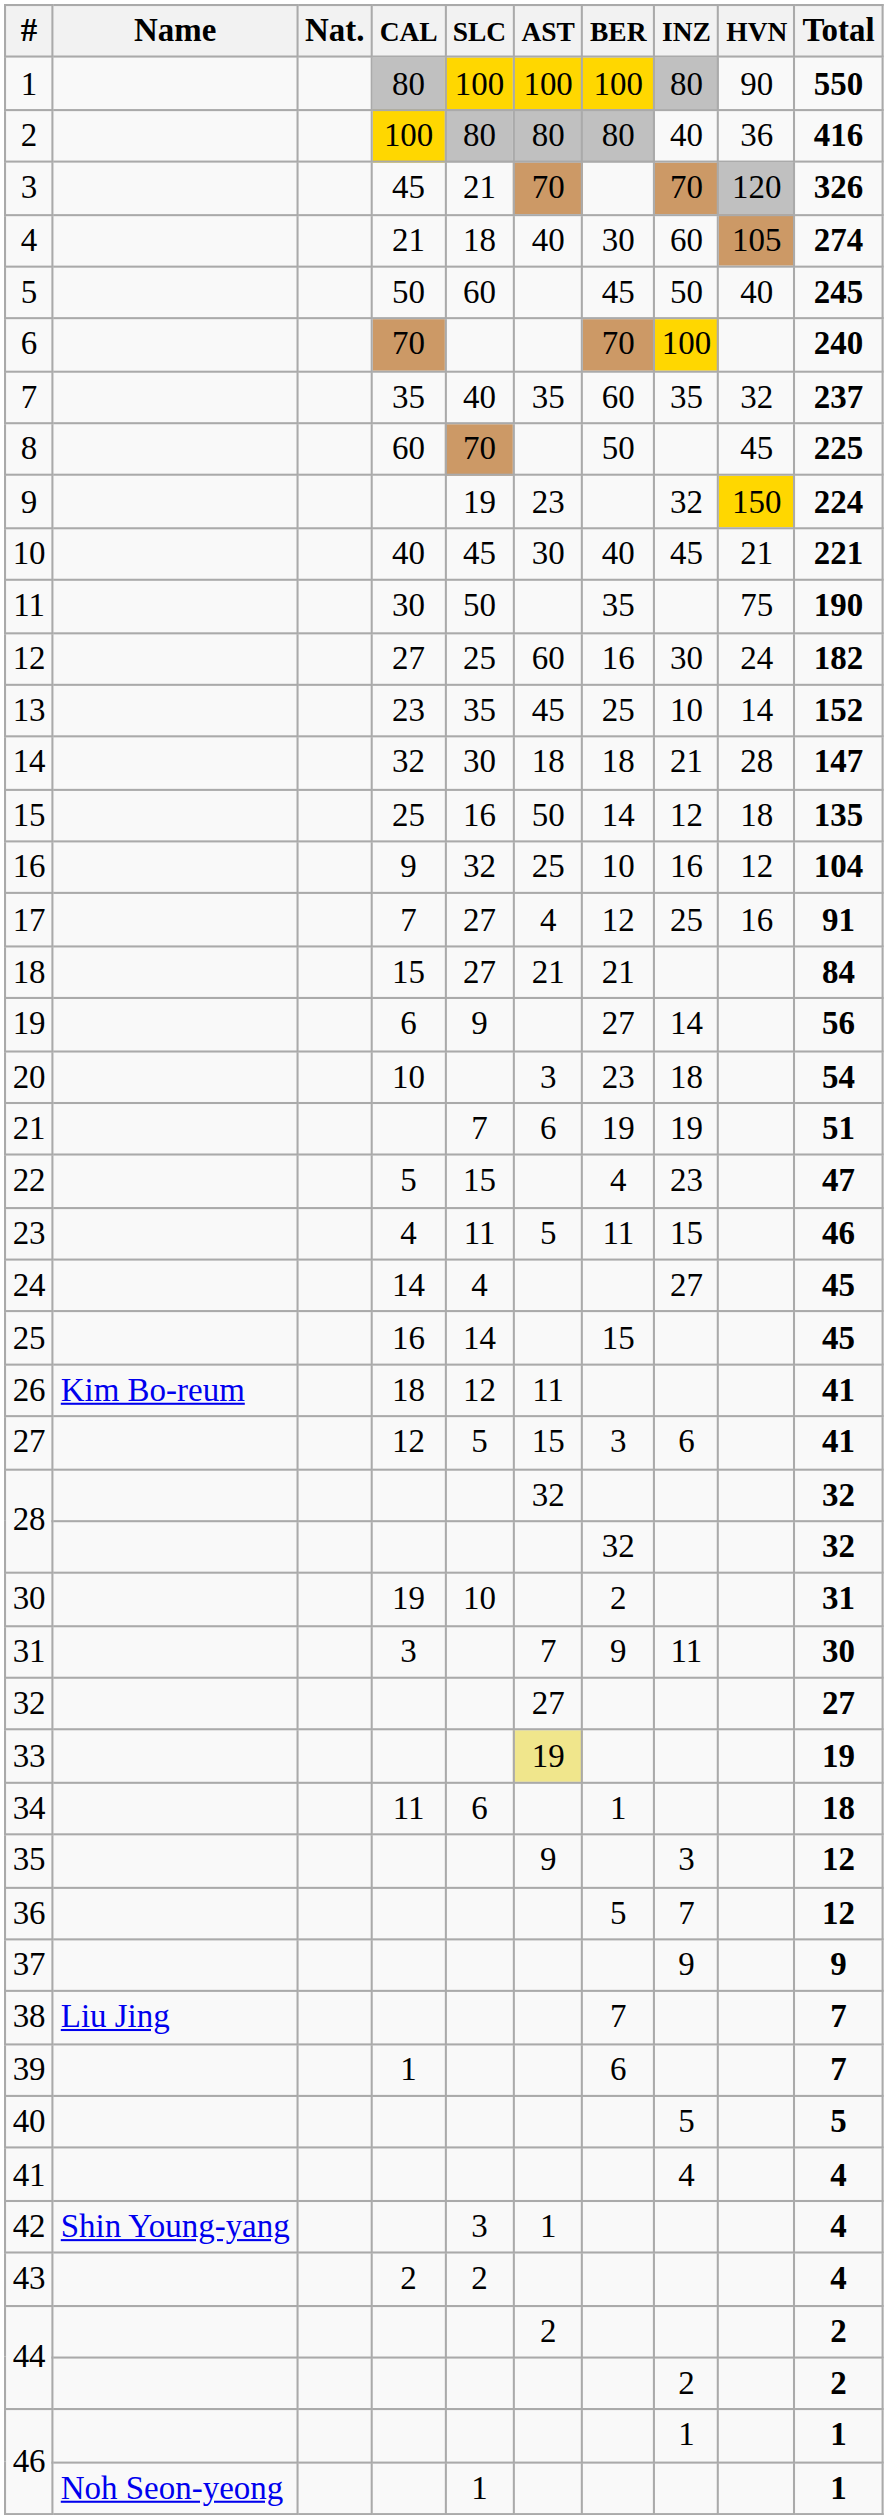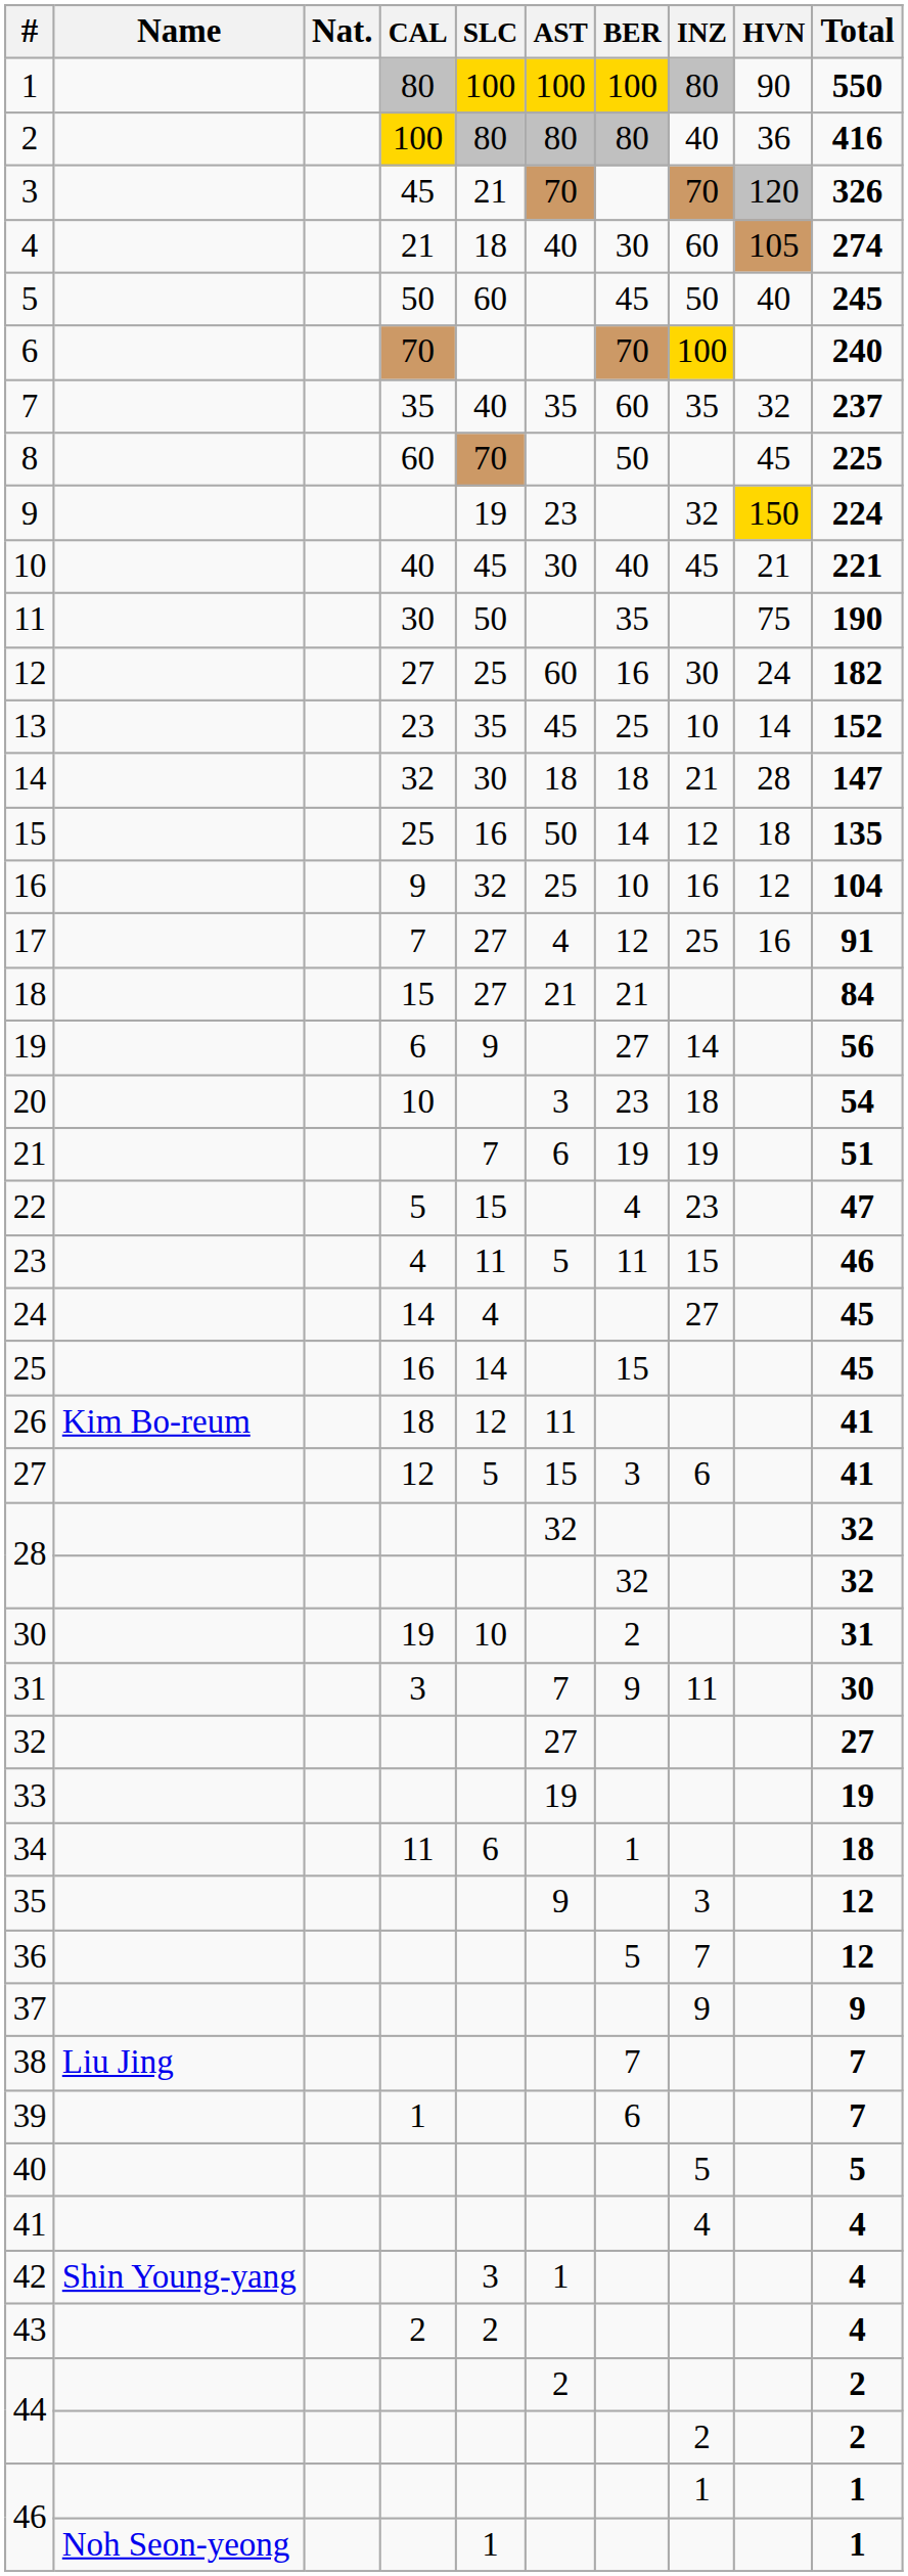 <table class="wikitable sortable" style="text-align:center;">
 <tr>
 <th>#</th>
 <th>Name</th>
 <th>Nat.</th>
 <th><small>CAL</small></th>
 <th><small>SLC</small></th>
 <th><small>AST</small></th>
 <th><small>BER</small></th>
 <th><small>INZ</small></th>
 <th><small>HVN</small></th>
 <th>Total</th>
 </tr>
 <tr>
 <td>1</td>
 <td align=left></td>
 <td></td>
 <td bgcolor=silver>80</td>
 <td bgcolor=gold>100</td>
 <td bgcolor=gold>100</td>
 <td bgcolor=gold>100</td>
 <td bgcolor=silver>80</td>
 <td>90</td>
 <td><strong>550</strong></td>
 </tr>
 <tr>
 <td>2</td>
 <td align=left></td>
 <td></td>
 <td bgcolor=gold>100</td>
 <td bgcolor=silver>80</td>
 <td bgcolor=silver>80</td>
 <td bgcolor=silver>80</td>
 <td>40</td>
 <td>36</td>
 <td><strong>416</strong></td>
 </tr>
 <tr>
 <td>3</td>
 <td align=left></td>
 <td></td>
 <td>45</td>
 <td>21</td>
 <td bgcolor=cc9966>70</td>
 <td></td>
 <td bgcolor=cc9966>70</td>
 <td bgcolor=silver>120</td>
 <td><strong>326</strong></td>
 </tr>
 <tr>
 <td>4</td>
 <td align=left></td>
 <td></td>
 <td>21</td>
 <td>18</td>
 <td>40</td>
 <td>30</td>
 <td>60</td>
 <td bgcolor=cc9966>105</td>
 <td><strong>274</strong></td>
 </tr>
 <tr>
 <td>5</td>
 <td align=left></td>
 <td></td>
 <td>50</td>
 <td>60</td>
 <td></td>
 <td>45</td>
 <td>50</td>
 <td>40</td>
 <td><strong>245</strong></td>
 </tr>
 <tr>
 <td>6</td>
 <td align=left></td>
 <td></td>
 <td bgcolor=cc9966>70</td>
 <td></td>
 <td></td>
 <td bgcolor=cc9966>70</td>
 <td bgcolor=gold>100</td>
 <td></td>
 <td><strong>240</strong></td>
 </tr>
 <tr>
 <td>7</td>
 <td align=left></td>
 <td></td>
 <td>35</td>
 <td>40</td>
 <td>35</td>
 <td>60</td>
 <td>35</td>
 <td>32</td>
 <td><strong>237</strong></td>
 </tr>
 <tr>
 <td>8</td>
 <td align=left></td>
 <td></td>
 <td>60</td>
 <td bgcolor=cc9966>70</td>
 <td></td>
 <td>50</td>
 <td></td>
 <td>45</td>
 <td><strong>225</strong></td>
 </tr>
 <tr>
 <td>9</td>
 <td align=left></td>
 <td></td>
 <td></td>
 <td>19</td>
 <td>23</td>
 <td></td>
 <td>32</td>
 <td bgcolor=gold>150</td>
 <td><strong>224</strong></td>
 </tr>
 <tr>
 <td>10</td>
 <td align=left></td>
 <td></td>
 <td>40</td>
 <td>45</td>
 <td>30</td>
 <td>40</td>
 <td>45</td>
 <td>21</td>
 <td><strong>221</strong></td>
 </tr>
 <tr>
 <td>11</td>
 <td align=left></td>
 <td></td>
 <td>30</td>
 <td>50</td>
 <td></td>
 <td>35</td>
 <td></td>
 <td>75</td>
 <td><strong>190</strong></td>
 </tr>
 <tr>
 <td>12</td>
 <td align=left></td>
 <td></td>
 <td>27</td>
 <td>25</td>
 <td>60</td>
 <td>16</td>
 <td>30</td>
 <td>24</td>
 <td><strong>182</strong></td>
 </tr>
 <tr>
 <td>13</td>
 <td align=left></td>
 <td></td>
 <td>23</td>
 <td>35</td>
 <td>45</td>
 <td>25</td>
 <td>10</td>
 <td>14</td>
 <td><strong>152</strong></td>
 </tr>
 <tr>
 <td>14</td>
 <td align=left></td>
 <td></td>
 <td>32</td>
 <td>30</td>
 <td>18</td>
 <td>18</td>
 <td>21</td>
 <td>28</td>
 <td><strong>147</strong></td>
 </tr>
 <tr>
 <td>15</td>
 <td align=left></td>
 <td></td>
 <td>25</td>
 <td>16</td>
 <td>50</td>
 <td>14</td>
 <td>12</td>
 <td>18</td>
 <td><strong>135</strong></td>
 </tr>
 <tr>
 <td>16</td>
 <td align=left></td>
 <td></td>
 <td>9</td>
 <td>32</td>
 <td>25</td>
 <td>10</td>
 <td>16</td>
 <td>12</td>
 <td><strong>104</strong></td>
 </tr>
 <tr>
 <td>17</td>
 <td align=left></td>
 <td></td>
 <td>7</td>
 <td>27</td>
 <td>4</td>
 <td>12</td>
 <td>25</td>
 <td>16</td>
 <td><strong>91</strong></td>
 </tr>
 <tr>
 <td>18</td>
 <td align=left></td>
 <td></td>
 <td>15</td>
 <td>27</td>
 <td>21</td>
 <td>21</td>
 <td></td>
 <td></td>
 <td><strong>84</strong></td>
 </tr>
 <tr>
 <td>19</td>
 <td align=left></td>
 <td></td>
 <td>6</td>
 <td>9</td>
 <td></td>
 <td>27</td>
 <td>14</td>
 <td></td>
 <td><strong>56</strong></td>
 </tr>
 <tr>
 <td>20</td>
 <td align=left></td>
 <td></td>
 <td>10</td>
 <td></td>
 <td>3</td>
 <td>23</td>
 <td>18</td>
 <td></td>
 <td><strong>54</strong></td>
 </tr>
 <tr>
 <td>21</td>
 <td align=left></td>
 <td></td>
 <td></td>
 <td>7</td>
 <td>6</td>
 <td>19</td>
 <td>19</td>
 <td></td>
 <td><strong>51</strong></td>
 </tr>
 <tr>
 <td>22</td>
 <td align=left></td>
 <td></td>
 <td>5</td>
 <td>15</td>
 <td></td>
 <td>4</td>
 <td>23</td>
 <td></td>
 <td><strong>47</strong></td>
 </tr>
 <tr>
 <td>23</td>
 <td align=left></td>
 <td></td>
 <td>4</td>
 <td>11</td>
 <td>5</td>
 <td>11</td>
 <td>15</td>
 <td></td>
 <td><strong>46</strong></td>
 </tr>
 <tr>
 <td>24</td>
 <td align=left></td>
 <td></td>
 <td>14</td>
 <td>4</td>
 <td></td>
 <td></td>
 <td>27</td>
 <td></td>
 <td><strong>45</strong></td>
 </tr>
 <tr>
 <td>25</td>
 <td align=left></td>
 <td></td>
 <td>16</td>
 <td>14</td>
 <td></td>
 <td>15</td>
 <td></td>
 <td></td>
 <td><strong>45</strong></td>
 </tr>
 <tr>
 <td>26</td>
 <td align=left><a href='#'>Kim Bo-reum</a></td>
 <td></td>
 <td>18</td>
 <td>12</td>
 <td>11</td>
 <td></td>
 <td></td>
 <td></td>
 <td><strong>41</strong></td>
 </tr>
 <tr>
 <td>27</td>
 <td align=left></td>
 <td></td>
 <td>12</td>
 <td>5</td>
 <td>15</td>
 <td>3</td>
 <td>6</td>
 <td></td>
 <td><strong>41</strong></td>
 </tr>
 <tr>
 <td rowspan=2>28</td>
 <td align=left></td>
 <td></td>
 <td></td>
 <td></td>
 <td>32</td>
 <td></td>
 <td></td>
 <td></td>
 <td><strong>32</strong></td>
 </tr>
 <tr>
 <td align=left></td>
 <td></td>
 <td></td>
 <td></td>
 <td></td>
 <td>32</td>
 <td></td>
 <td></td>
 <td><strong>32</strong></td>
 </tr>
 <tr>
 <td>30</td>
 <td align=left></td>
 <td></td>
 <td>19</td>
 <td>10</td>
 <td></td>
 <td>2</td>
 <td></td>
 <td></td>
 <td><strong>31</strong></td>
 </tr>
 <tr>
 <td>31</td>
 <td align=left></td>
 <td></td>
 <td>3</td>
 <td></td>
 <td>7</td>
 <td>9</td>
 <td>11</td>
 <td></td>
 <td><strong>30</strong></td>
 </tr>
 <tr>
 <td>32</td>
 <td align=left></td>
 <td></td>
 <td></td>
 <td></td>
 <td>27</td>
 <td></td>
 <td></td>
 <td></td>
 <td><strong>27</strong></td>
 </tr>
 <tr>
 <td>33</td>
 <td align=left></td>
 <td></td>
 <td></td>
 <td></td>
-<td style="background: khaki;">19</td>
+<td>19</td>
 <td></td>
 <td></td>
 <td></td>
 <td><strong>19</strong></td>
 </tr>
 <tr>
 <td>34</td>
 <td align=left></td>
 <td></td>
 <td>11</td>
 <td>6</td>
 <td></td>
 <td>1</td>
 <td></td>
 <td></td>
 <td><strong>18</strong></td>
 </tr>
 <tr>
 <td>35</td>
 <td align=left></td>
 <td></td>
 <td></td>
 <td></td>
 <td>9</td>
 <td></td>
 <td>3</td>
 <td></td>
 <td><strong>12</strong></td>
 </tr>
 <tr>
 <td>36</td>
 <td align=left></td>
 <td></td>
 <td></td>
 <td></td>
 <td></td>
 <td>5</td>
 <td>7</td>
 <td></td>
 <td><strong>12</strong></td>
 </tr>
 <tr>
 <td>37</td>
 <td align=left></td>
 <td></td>
 <td></td>
 <td></td>
 <td></td>
 <td></td>
 <td>9</td>
 <td></td>
 <td><strong>9</strong></td>
 </tr>
 <tr>
 <td>38</td>
 <td align=left><a href='#'>Liu Jing</a></td>
 <td></td>
 <td></td>
 <td></td>
 <td></td>
 <td>7</td>
 <td></td>
 <td></td>
 <td><strong>7</strong></td>
 </tr>
 <tr>
 <td>39</td>
 <td align=left></td>
 <td></td>
 <td>1</td>
 <td></td>
 <td></td>
 <td>6</td>
 <td></td>
 <td></td>
 <td><strong>7</strong></td>
 </tr>
 <tr>
 <td>40</td>
 <td align=left></td>
 <td></td>
 <td></td>
 <td></td>
 <td></td>
 <td></td>
 <td>5</td>
 <td></td>
 <td><strong>5</strong></td>
 </tr>
 <tr>
 <td>41</td>
 <td align=left></td>
 <td></td>
 <td></td>
 <td></td>
 <td></td>
 <td></td>
 <td>4</td>
 <td></td>
 <td><strong>4</strong></td>
 </tr>
 <tr>
 <td>42</td>
 <td align=left><a href='#'>Shin Young-yang</a></td>
 <td></td>
 <td></td>
 <td>3</td>
 <td>1</td>
 <td></td>
 <td></td>
 <td></td>
 <td><strong>4</strong></td>
 </tr>
 <tr>
 <td>43</td>
 <td align=left></td>
 <td></td>
 <td>2</td>
 <td>2</td>
 <td></td>
 <td></td>
 <td></td>
 <td></td>
 <td><strong>4</strong></td>
 </tr>
 <tr>
 <td rowspan=2>44</td>
 <td align=left></td>
 <td></td>
 <td></td>
 <td></td>
 <td>2</td>
 <td></td>
 <td></td>
 <td></td>
 <td><strong>2</strong></td>
 </tr>
 <tr>
 <td align=left></td>
 <td></td>
 <td></td>
 <td></td>
 <td></td>
 <td></td>
 <td>2</td>
 <td></td>
 <td><strong>2</strong></td>
 </tr>
 <tr>
 <td rowspan=2>46</td>
 <td align=left></td>
 <td></td>
 <td></td>
 <td></td>
 <td></td>
 <td></td>
 <td>1</td>
 <td></td>
 <td><strong>1</strong></td>
 </tr>
 <tr>
 <td align=left><a href='#'>Noh Seon-yeong</a></td>
 <td></td>
 <td></td>
 <td>1</td>
 <td></td>
 <td></td>
 <td></td>
 <td></td>
 <td><strong>1</strong></td>
 </tr>
 </table>
